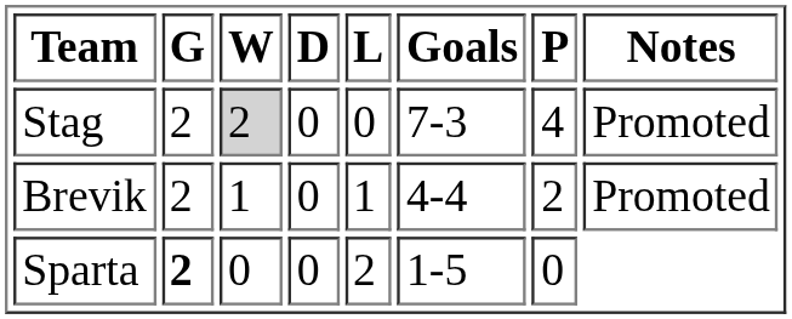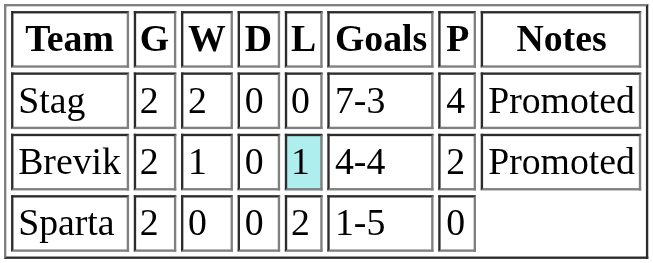 <table border="1" cellpadding="2">
 <tr>
 <th>Team</th>
 <th>G</th>
 <th>W</th>
 <th>D</th>
 <th>L</th>
 <th>Goals</th>
 <th>P</th>
 <th>Notes</th>
 </tr>
 <tr>
 <td>Stag</td>
 <td>2</td>
-<td style="background: lightgrey;">2</td>
+<td>2</td>
 <td>0</td>
 <td>0</td>
 <td>7-3</td>
 <td>4</td>
 <td>Promoted</td>
 </tr>
 <tr>
 <td>Brevik</td>
 <td>2</td>
 <td>1</td>
 <td>0</td>
-<td>1</td>
+<td style="background: paleturquoise;">1</td>
 <td>4-4</td>
 <td>2</td>
 <td>Promoted</td>
 </tr>
 <tr>
 <td>Sparta</td>
-<td><strong>2</strong></td>
+<td>2</td>
 <td>0</td>
 <td>0</td>
 <td>2</td>
 <td>1-5</td>
 <td>0</td>
 </tr>
 </table>
